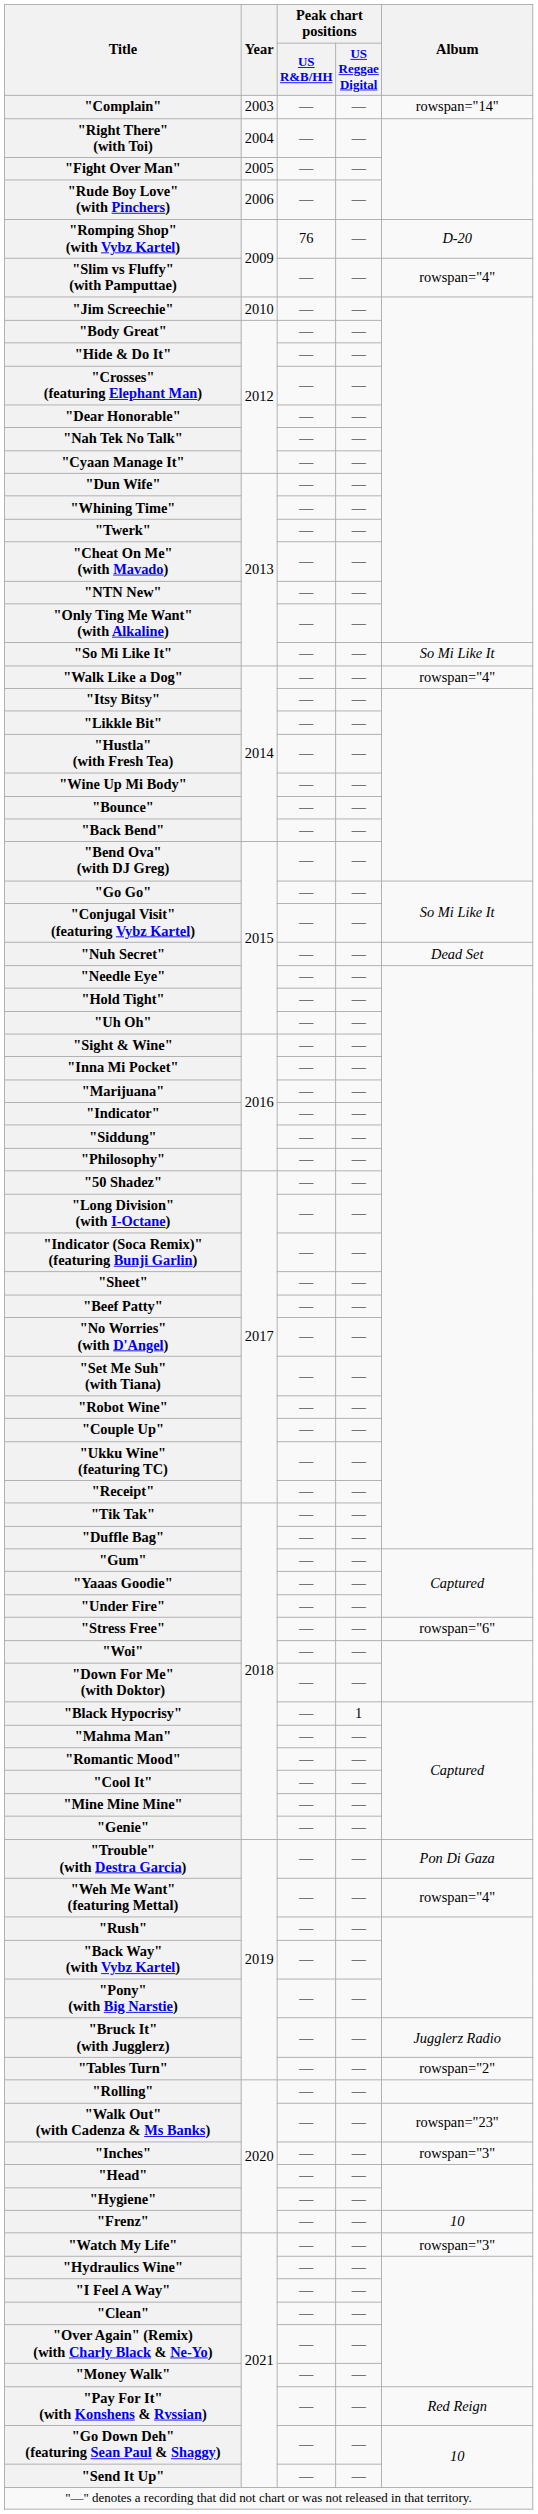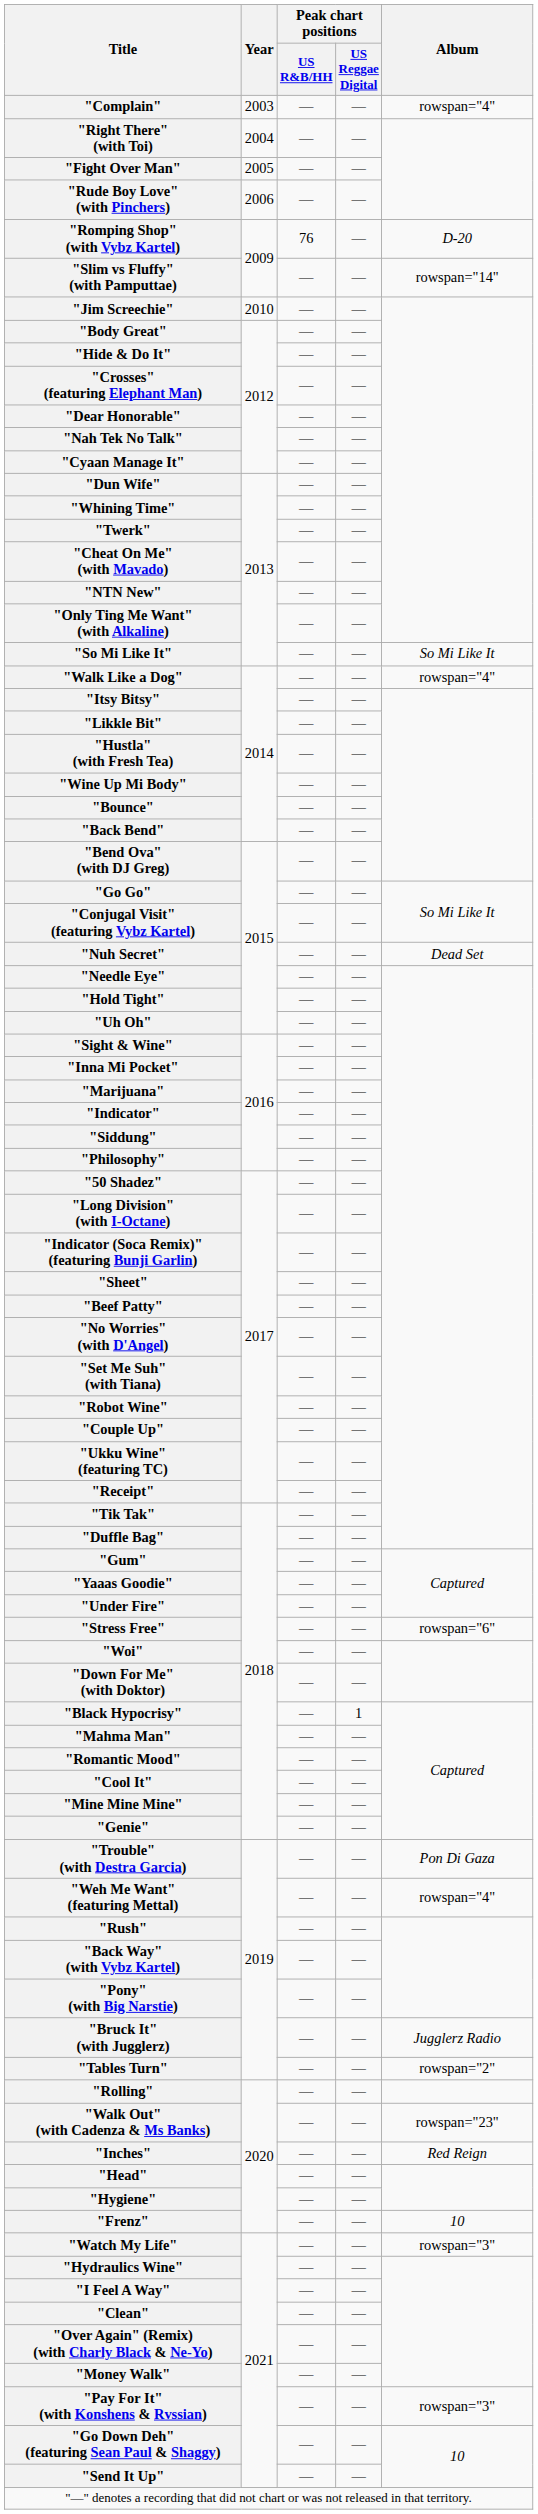 <table class="wikitable plainrowheaders" style="text-align:center;" border="1">
 <tr>
 <th scope="col" rowspan="2" style="width:16em;">Title</th>
 <th scope="col" rowspan="2" style="width:1em;">Year</th>
 <th scope="col" colspan="2">Peak chart positions</th>
 <th scope="col" rowspan="2" style="width:10em;">Album</th>
 </tr>
 <tr>
 <th scope="col" style="width:2.5em;font-size:90%;"><a href='#'>US<br>R&B/HH</a><br></th>
 <th scope="col" style="width:2.5em;font-size:90%;"><a href='#'>US Reggae Digital</a><br> </th>
 </tr>
 <tr>
 <th scope="row">"Complain"</th>
 <td>2003</td>
 <td>—</td>
 <td>—</td>
-<td>rowspan="14" </td>
+<td>rowspan="4" </td>
 </tr>
 <tr>
 <th scope="row">"Right There" <br><span>(with Toi)</span></th>
 <td>2004</td>
 <td>—</td>
 <td>—</td>
 </tr>
 <tr>
 <th scope="row">"Fight Over Man"</th>
 <td>2005</td>
 <td>—</td>
 <td>—</td>
 </tr>
 <tr>
 <th scope="row">"Rude Boy Love" <br><span>(with <a href='#'>Pinchers</a>)</span></th>
 <td>2006</td>
 <td>—</td>
 <td>—</td>
 </tr>
 <tr>
 <th scope="row">"Romping Shop"<br><span>(with <a href='#'>Vybz Kartel</a>)</span></th>
 <td rowspan="2">2009</td>
 <td>76</td>
 <td>—</td>
 <td><em>D-20</em></td>
 </tr>
 <tr>
 <th scope="row">"Slim vs Fluffy"<br><span>(with Pamputtae)</span></th>
 <td>—</td>
 <td>—</td>
-<td>rowspan="4" </td>
+<td>rowspan="14" </td>
 </tr>
 <tr>
 <th scope="row">"Jim Screechie"</th>
 <td>2010</td>
 <td>—</td>
 <td>—</td>
 </tr>
 <tr>
 <th scope="row">"Body Great"</th>
 <td rowspan="6">2012</td>
 <td>—</td>
 <td>—</td>
 </tr>
 <tr>
 <th scope="row">"Hide & Do It"</th>
 <td>—</td>
 <td>—</td>
 </tr>
 <tr>
 <th scope="row">"Crosses"<br><span>(featuring <a href='#'>Elephant Man</a>)</span></th>
 <td>—</td>
 <td>—</td>
 </tr>
 <tr>
 <th scope="row">"Dear Honorable"</th>
 <td>—</td>
 <td>—</td>
 </tr>
 <tr>
 <th scope="row">"Nah Tek No Talk"</th>
 <td>—</td>
 <td>—</td>
 </tr>
 <tr>
 <th scope="row">"Cyaan Manage It"</th>
 <td>—</td>
 <td>—</td>
 </tr>
 <tr>
 <th scope="row">"Dun Wife"</th>
 <td rowspan="7">2013</td>
 <td>—</td>
 <td>—</td>
 </tr>
 <tr>
 <th scope="row">"Whining Time"</th>
 <td>—</td>
 <td>—</td>
 </tr>
 <tr>
 <th scope="row">"Twerk"</th>
 <td>—</td>
 <td>—</td>
 </tr>
 <tr>
 <th scope="row">"Cheat On Me"<br><span>(with <a href='#'>Mavado</a>)</span></th>
 <td>—</td>
 <td>—</td>
 </tr>
 <tr>
 <th scope="row">"NTN New"</th>
 <td>—</td>
 <td>—</td>
 </tr>
 <tr>
 <th scope="row">"Only Ting Me Want"<br><span>(with <a href='#'>Alkaline</a>)</span></th>
 <td>—</td>
 <td>—</td>
 </tr>
 <tr>
 <th scope="row">"So Mi Like It"</th>
 <td>—</td>
 <td>—</td>
 <td><em>So Mi Like It</em></td>
 </tr>
 <tr>
 <th scope="row">"Walk Like a Dog"</th>
 <td rowspan="7">2014</td>
 <td>—</td>
 <td>—</td>
 <td>rowspan="4" </td>
 </tr>
 <tr>
 <th scope="row">"Itsy Bitsy"</th>
 <td>—</td>
 <td>—</td>
 </tr>
 <tr>
 <th scope="row">"Likkle Bit"</th>
 <td>—</td>
 <td>—</td>
 </tr>
 <tr>
 <th scope="row">"Hustla"<br><span>(with Fresh Tea)</span></th>
 <td>—</td>
 <td>—</td>
 </tr>
 <tr>
 <th scope="row">"Wine Up Mi Body"</th>
 <td>—</td>
 <td>—</td>
 </tr>
 <tr>
 <th scope="row">"Bounce"</th>
 <td>—</td>
 <td>—</td>
 </tr>
 <tr>
 <th scope="row">"Back Bend"</th>
 <td>—</td>
 <td>—</td>
 </tr>
 <tr>
 <th scope="row">"Bend Ova"<br><span>(with DJ Greg)</span></th>
 <td rowspan="7">2015</td>
 <td>—</td>
 <td>—</td>
 </tr>
 <tr>
 <th scope="row">"Go Go"</th>
 <td>—</td>
 <td>—</td>
 <td rowspan="2"><em>So Mi Like It</em></td>
 </tr>
 <tr>
 <th scope="row">"Conjugal Visit"<br><span>(featuring <a href='#'>Vybz Kartel</a>)</span></th>
 <td>—</td>
 <td>—</td>
 </tr>
 <tr>
 <th scope="row">"Nuh Secret"</th>
 <td>—</td>
 <td>—</td>
 <td><em>Dead Set</em></td>
 </tr>
 <tr>
 <th scope="row">"Needle Eye"</th>
 <td>—</td>
 <td>—</td>
 </tr>
 <tr>
 <th scope="row">"Hold Tight"</th>
 <td>—</td>
 <td>—</td>
 </tr>
 <tr>
 <th scope="row">"Uh Oh"</th>
 <td>—</td>
 <td>—</td>
 </tr>
 <tr>
 <th scope="row">"Sight & Wine"</th>
 <td rowspan="6">2016</td>
 <td>—</td>
 <td>—</td>
 </tr>
 <tr>
 <th scope="row">"Inna Mi Pocket"</th>
 <td>—</td>
 <td>—</td>
 </tr>
 <tr>
 <th scope="row">"Marijuana"</th>
 <td>—</td>
 <td>—</td>
 </tr>
 <tr>
 <th scope="row">"Indicator"</th>
 <td>—</td>
 <td>—</td>
 </tr>
 <tr>
 <th scope="row">"Siddung"</th>
 <td>—</td>
 <td>—</td>
 </tr>
 <tr>
 <th scope="row">"Philosophy"</th>
 <td>—</td>
 <td>—</td>
 </tr>
 <tr>
 <th scope="row">"50 Shadez"</th>
 <td rowspan="11">2017</td>
 <td>—</td>
 <td>—</td>
 </tr>
 <tr>
 <th scope="row">"Long Division"<br><span>(with <a href='#'>I-Octane</a>)</span></th>
 <td>—</td>
 <td>—</td>
 </tr>
 <tr>
 <th scope="row">"Indicator (Soca Remix)"<br><span>(featuring <a href='#'>Bunji Garlin</a>)</span></th>
 <td>—</td>
 <td>—</td>
 </tr>
 <tr>
 <th scope="row">"Sheet"</th>
 <td>—</td>
 <td>—</td>
 </tr>
 <tr>
 <th scope="row">"Beef Patty"</th>
 <td>—</td>
 <td>—</td>
 </tr>
 <tr>
 <th scope="row">"No Worries"<br><span>(with <a href='#'>D'Angel</a>)</span></th>
 <td>—</td>
 <td>—</td>
 </tr>
 <tr>
 <th scope="row">"Set Me Suh"<br><span>(with Tiana)</span></th>
 <td>—</td>
 <td>—</td>
 </tr>
 <tr>
 <th scope="row">"Robot Wine"</th>
 <td>—</td>
 <td>—</td>
 </tr>
 <tr>
 <th scope="row">"Couple Up"</th>
 <td>—</td>
 <td>—</td>
 </tr>
 <tr>
 <th scope="row">"Ukku Wine"<br><span>(featuring TC)</span></th>
 <td>—</td>
 <td>—</td>
 </tr>
 <tr>
 <th scope="row">"Receipt"</th>
 <td>—</td>
 <td>—</td>
 </tr>
 <tr>
 <th scope="row">"Tik Tak"</th>
 <td rowspan="14">2018</td>
 <td>—</td>
 <td>—</td>
 </tr>
 <tr>
 <th scope="row">"Duffle Bag"</th>
 <td>—</td>
 <td>—</td>
 </tr>
 <tr>
 <th scope="row">"Gum"</th>
 <td>—</td>
 <td>—</td>
 <td rowspan="3"><em>Captured</em></td>
 </tr>
 <tr>
 <th scope="row">"Yaaas Goodie"</th>
 <td>—</td>
 <td>—</td>
 </tr>
 <tr>
 <th scope="row">"Under Fire"</th>
 <td>—</td>
 <td>—</td>
 </tr>
 <tr>
 <th scope="row">"Stress Free"</th>
 <td>—</td>
 <td>—</td>
 <td>rowspan="6" </td>
 </tr>
 <tr>
 <th scope="row">"Woi"</th>
 <td>—</td>
 <td>—</td>
 </tr>
 <tr>
 <th scope="row">"Down For Me"<br><span>(with Doktor)</span></th>
 <td>—</td>
 <td>—</td>
 </tr>
 <tr>
 <th scope="row">"Black Hypocrisy"</th>
 <td>—</td>
 <td>1</td>
 <td rowspan="6"><em>Captured</em></td>
 </tr>
 <tr>
 <th scope="row">"Mahma Man"</th>
 <td>—</td>
 <td>—</td>
 </tr>
 <tr>
 <th scope="row">"Romantic Mood"</th>
 <td>—</td>
 <td>—</td>
 </tr>
 <tr>
 <th scope="row">"Cool It"</th>
 <td>—</td>
 <td>—</td>
 </tr>
 <tr>
 <th scope="row">"Mine Mine Mine"</th>
 <td>—</td>
 <td>—</td>
 </tr>
 <tr>
 <th scope="row">"Genie"</th>
 <td>—</td>
 <td>—</td>
 </tr>
 <tr>
 <th scope="row">"Trouble"<br><span>(with <a href='#'>Destra Garcia</a>)</span></th>
 <td rowspan="7">2019</td>
 <td>—</td>
 <td>—</td>
 <td><em>Pon Di Gaza</em></td>
 </tr>
 <tr>
 <th scope="row">"Weh Me Want"<br><span>(featuring Mettal)</span></th>
 <td>—</td>
 <td>—</td>
 <td>rowspan="4" </td>
 </tr>
 <tr>
 <th scope="row">"Rush"</th>
 <td>—</td>
 <td>—</td>
 </tr>
 <tr>
 <th scope="row">"Back Way"<br><span>(with <a href='#'>Vybz Kartel</a>)</span></th>
 <td>—</td>
 <td>—</td>
 </tr>
 <tr>
 <th scope="row">"Pony"<br><span>(with <a href='#'>Big Narstie</a>)</span></th>
 <td>—</td>
 <td>—</td>
 </tr>
 <tr>
 <th scope="row">"Bruck It" <br><span>(with Jugglerz)</span></th>
 <td>—</td>
 <td>—</td>
 <td><em>Jugglerz Radio</em></td>
 </tr>
 <tr>
 <th scope="row">"Tables Turn"</th>
 <td>—</td>
 <td>—</td>
 <td>rowspan="2" </td>
 </tr>
 <tr>
 <th scope="row">"Rolling"</th>
 <td rowspan="6">2020</td>
 <td>—</td>
 <td>—</td>
 </tr>
 <tr>
 <th scope="row">"Walk Out"<br><span>(with Cadenza & <a href='#'>Ms Banks</a>)</span></th>
 <td>—</td>
 <td>—</td>
 <td>rowspan="23" </td>
 </tr>
 <tr>
 <th scope="row">"Inches"</th>
 <td>—</td>
 <td>—</td>
-<td>rowspan="3" </td>
+<td><em>Red Reign</em></td>
 </tr>
 <tr>
 <th scope="row">"Head"</th>
 <td>—</td>
 <td>—</td>
 </tr>
 <tr>
 <th scope="row">"Hygiene"</th>
 <td>—</td>
 <td>—</td>
 </tr>
 <tr>
 <th scope="row">"Frenz"</th>
 <td>—</td>
 <td>—</td>
 <td><em>10</em></td>
 </tr>
 <tr>
 <th scope="row">"Watch My Life"</th>
 <td rowspan="9">2021</td>
 <td>—</td>
 <td>—</td>
 <td>rowspan="3" </td>
 </tr>
 <tr>
 <th scope="row">"Hydraulics Wine"</th>
 <td>—</td>
 <td>—</td>
 </tr>
 <tr>
 <th ! scope="row">"I Feel A Way"</th>
 <td>—</td>
 <td>—</td>
 </tr>
 <tr>
 <th scope="row">"Clean"</th>
 <td>—</td>
 <td>—</td>
 </tr>
 <tr>
 <th scope="row">"Over Again" (Remix)<br><span>(with <a href='#'>Charly Black</a> & <a href='#'>Ne-Yo</a>)</span></th>
 <td>—</td>
 <td>—</td>
 </tr>
 <tr>
 <th scope="row">"Money Walk"</th>
 <td>—</td>
 <td>—</td>
 </tr>
 <tr>
 <th scope="row">"Pay For It" <br><span>(with <a href='#'>Konshens</a> & <a href='#'>Rvssian</a>)</span></th>
 <td>—</td>
 <td>—</td>
-<td><em>Red Reign</em></td>
+<td>rowspan="3" </td>
 </tr>
 <tr>
 <th scope="row">"Go Down Deh" <br><span>(featuring <a href='#'>Sean Paul</a> & <a href='#'>Shaggy</a>)</span></th>
 <td>—</td>
 <td>—</td>
 <td rowspan="2"><em>10</em></td>
 </tr>
 <tr>
 <th scope="row">"Send It Up"</th>
 <td>—</td>
 <td>—</td>
 </tr>
 <tr>
 <td colspan="14" style="font-size:90%">"—" denotes a recording that did not chart or was not released in that territory.</td>
 </tr>
 </table>
